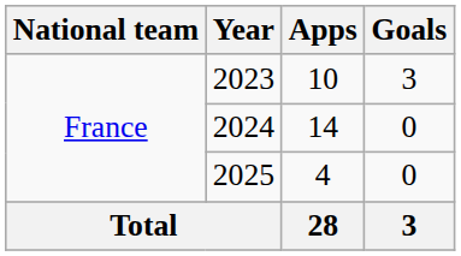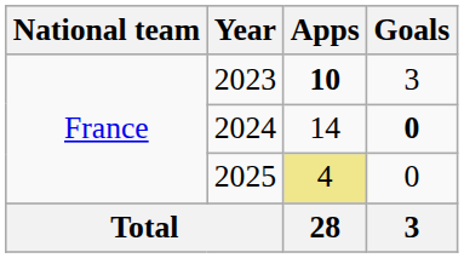 <table class="wikitable" style="text-align:center">
 <tr>
 <th>National team</th>
 <th>Year</th>
 <th>Apps</th>
 <th>Goals</th>
 </tr>
 <tr>
 <td rowspan="3"><a href='#'>France</a></td>
 <td>2023</td>
-<td>10</td>
+<td><strong>10</strong></td>
 <td>3</td>
 </tr>
 <tr>
 <td>2024</td>
 <td>14</td>
-<td>0</td>
+<td><strong>0</strong></td>
 </tr>
 <tr>
 <td>2025</td>
-<td>4</td>
+<td style="background: khaki;">4</td>
 <td>0</td>
 </tr>
 <tr>
 <th colspan="2">Total</th>
 <th>28</th>
 <th>3</th>
 </tr>
 </table>
